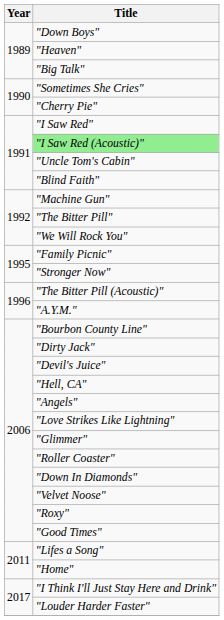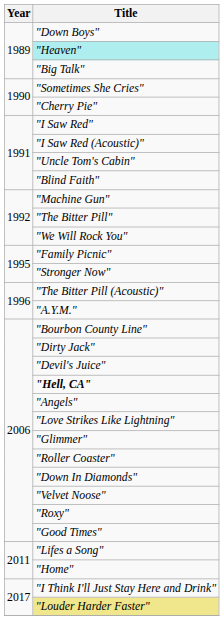 <table class="wikitable">
 <tr>
 <th>Year</th>
 <th>Title</th>
 </tr>
 <tr>
 <td rowspan="3">1989</td>
 <td><em>"Down Boys"</em></td>
 </tr>
 <tr>
-<td><em>"Heaven"</em></td>
+<td style="background: paleturquoise;"><em>"Heaven"</em></td>
 </tr>
 <tr>
 <td><em>"Big Talk"</em></td>
 </tr>
 <tr>
 <td rowspan="2">1990</td>
 <td><em>"Sometimes She Cries"</em></td>
 </tr>
 <tr>
 <td><em>"Cherry Pie"</em></td>
 </tr>
 <tr>
 <td rowspan="4">1991</td>
 <td><em>"I Saw Red"</em></td>
 </tr>
 <tr>
-<td style="background: lightgreen;"><em>"I Saw Red (Acoustic)"</em></td>
+<td><em>"I Saw Red (Acoustic)"</em></td>
 </tr>
 <tr>
 <td><em>"Uncle Tom's Cabin"</em></td>
 </tr>
 <tr>
 <td><em>"Blind Faith"</em></td>
 </tr>
 <tr>
 <td rowspan="3">1992</td>
 <td><em>"Machine Gun"</em></td>
 </tr>
 <tr>
 <td><em>"The Bitter Pill"</em></td>
 </tr>
 <tr>
 <td><em>"We Will Rock You"</em></td>
 </tr>
 <tr>
 <td rowspan="2">1995</td>
 <td><em>"Family Picnic"</em></td>
 </tr>
 <tr>
 <td><em>"Stronger Now"</em></td>
 </tr>
 <tr>
 <td rowspan="2">1996</td>
 <td><em>"The Bitter Pill (Acoustic)"</em></td>
 </tr>
 <tr>
 <td><em>"A.Y.M."</em></td>
 </tr>
 <tr>
 <td rowspan="12">2006</td>
 <td><em>"Bourbon County Line"</em></td>
 </tr>
 <tr>
 <td><em>"Dirty Jack"</em></td>
 </tr>
 <tr>
 <td><em>"Devil's Juice"</em></td>
 </tr>
 <tr>
-<td><em>"Hell, CA"</em></td>
+<td><strong><em>"Hell, CA"</em></strong></td>
 </tr>
 <tr>
 <td><em>"Angels"</em></td>
 </tr>
 <tr>
 <td><em>"Love Strikes Like Lightning"</em></td>
 </tr>
 <tr>
 <td><em>"Glimmer"</em></td>
 </tr>
 <tr>
 <td><em>"Roller Coaster"</em></td>
 </tr>
 <tr>
 <td><em>"Down In Diamonds"</em></td>
 </tr>
 <tr>
 <td><em>"Velvet Noose"</em></td>
 </tr>
 <tr>
 <td><em>"Roxy"</em></td>
 </tr>
 <tr>
 <td><em>"Good Times"</em></td>
 </tr>
 <tr>
 <td rowspan="2">2011</td>
 <td><em>"Lifes a Song"</em></td>
 </tr>
 <tr>
 <td><em>"Home"</em></td>
 </tr>
 <tr>
 <td rowspan="2">2017</td>
 <td><em>"I Think I'll Just Stay Here and Drink"</em></td>
 </tr>
 <tr>
-<td><em>"Louder Harder Faster"</em></td>
+<td style="background: khaki;"><em>"Louder Harder Faster"</em></td>
 </tr>
 <tr>
 </tr>
 </table>
